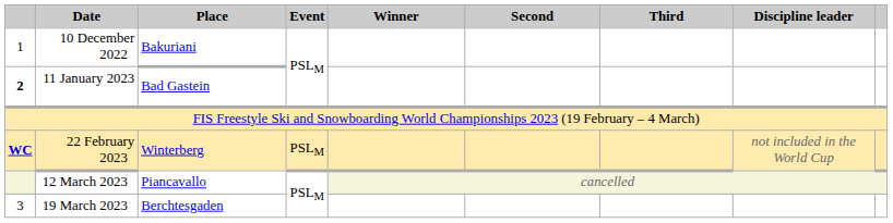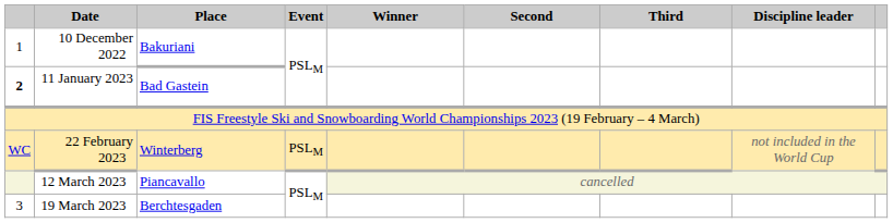 <table class="wikitable plainrowheaders" style="background:#fff; font-size:86%; line-height:16px; border:grey solid 1px; border-collapse:collapse;">
 <tr>
 <th scope="col" style="background:#ccc; width=30 px;"></th>
 <th scope="col" style="background:#ccc; width:120px;">Date</th>
 <th scope="col" style="background:#ccc; width:180px;">Place</th>
 <th scope="col" style="background:#ccc; width:30px;">Event</th>
 <th scope="col" style="background:#ccc; width:185px;">Winner</th>
 <th scope="col" style="background:#ccc; width:185px;">Second</th>
 <th scope="col" style="background:#ccc; width:185px;">Third</th>
 <th scope="col" style="background:#ccc; width:185px;">Discipline leader</th>
 <th scope="col" style="background:#ccc; width:10px;"></th>
 </tr>
 <tr>
 <td align="center">1</td>
 <td align="right">10 December 2022  </td>
 <td style="border-bottom-width:3px"> <a href='#'>Bakuriani</a></td>
 <td rowspan=2 align="center">PSL<sub>M </sub></td>
 <td></td>
 <td></td>
 <td></td>
 <td></td>
 <td></td>
 </tr>
 <tr>
 <td align="center"><strong>2</strong></td>
 <td align="right">11 January 2023  </td>
 <td> <a href='#'>Bad Gastein</a></td>
 <td></td>
 <td></td>
 <td></td>
 <td></td>
 <td></td>
 </tr>
 <tr style="background:#FFEBAD">
 <td align=center style="border-top-width:3px" colspan=11><a href='#'>FIS Freestyle Ski and Snowboarding World Championships 2023</a> (19 February – 4 March)</td>
 </tr>
 <tr style="background:#FFEBAD">
-<td align="center" style=color:#696969 style="border-bottom-width:3px"><strong><a href='#'>WC</a></strong></td>
+<td align="center" style=color:#696969 style="border-bottom-width:3px"><a href='#'>WC</a></td>
 <td style="border-bottom-width:3px" align="right">22 February 2023  </td>
 <td> <a href='#'>Winterberg</a></td>
 <td style="border-bottom-width:3px" align="center">PSL<sub>M </sub></td>
 <td style="border-bottom-width:3px"></td>
 <td style="border-bottom-width:3px"></td>
 <td style="border-bottom-width:3px"></td>
 <td align="center" style=color:#696969 style="border-bottom-width:3px"><em>not included in the World Cup</em></td>
 <td style="border-bottom-width:3px"></td>
 </tr>
 <tr>
 <td bgcolor="F5F5DC"></td>
 <td align="right">12 March 2023  </td>
 <td> <a href='#'>Piancavallo</a></td>
 <td rowspan=2 align="center">PSL<sub>M </sub></td>
 <td colspan=5 align=center bgcolor="F5F5DC" style=color:#696969><em>cancelled</em></td>
 </tr>
 <tr>
 <td align="center">3</td>
 <td align="right">19 March 2023  </td>
 <td> <a href='#'>Berchtesgaden</a></td>
 <td></td>
 <td></td>
 <td></td>
 <td></td>
 <td></td>
 </tr>
 </table>
